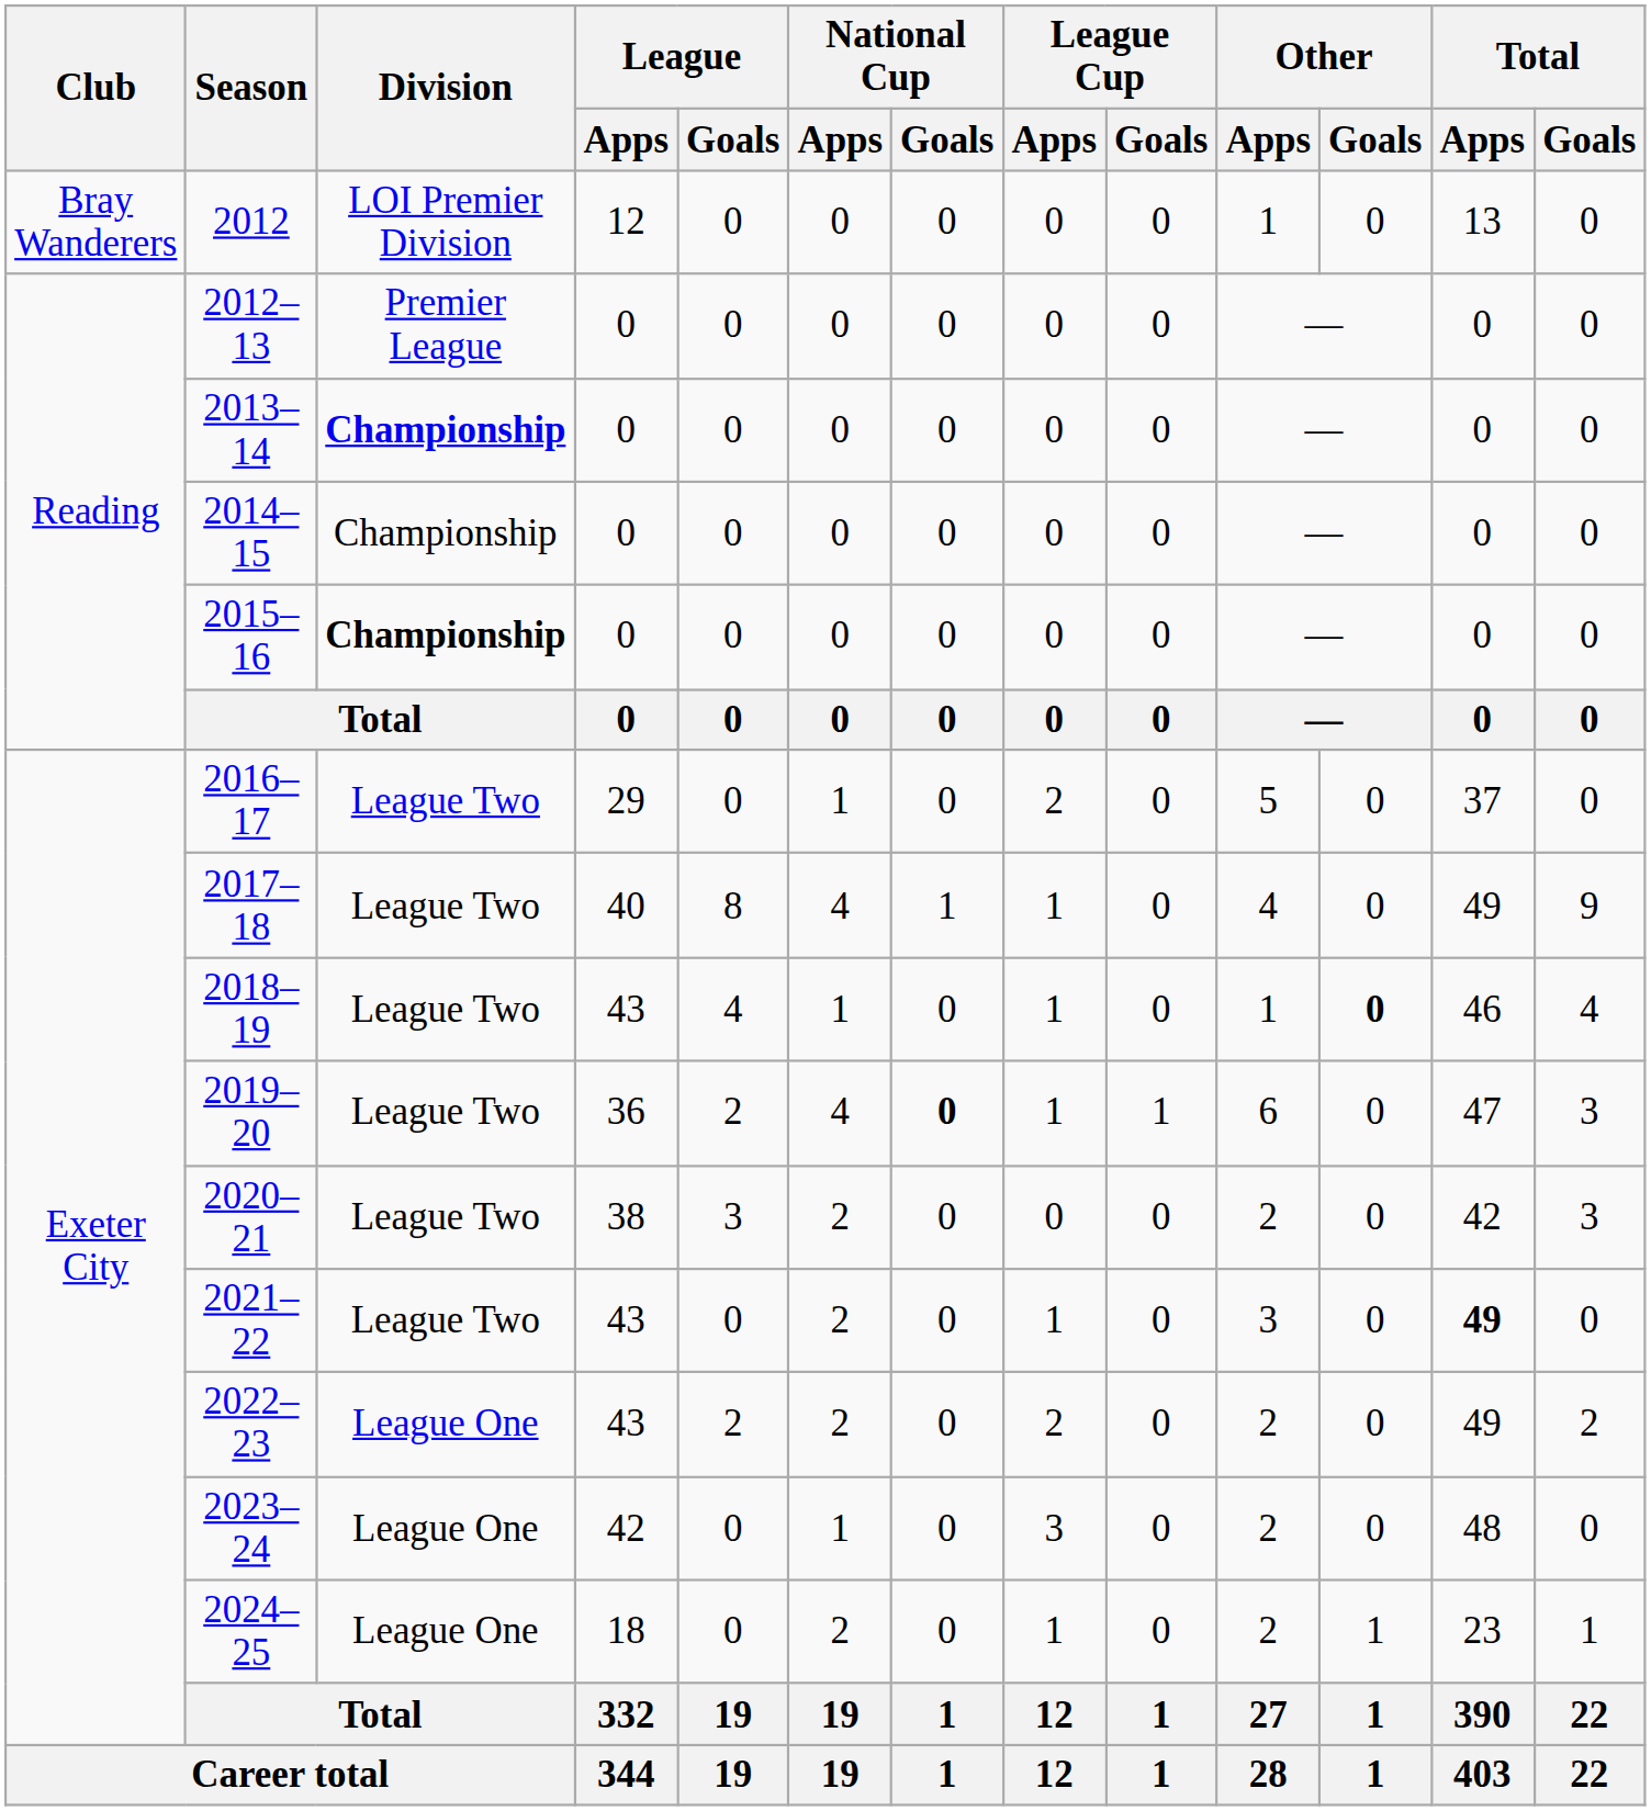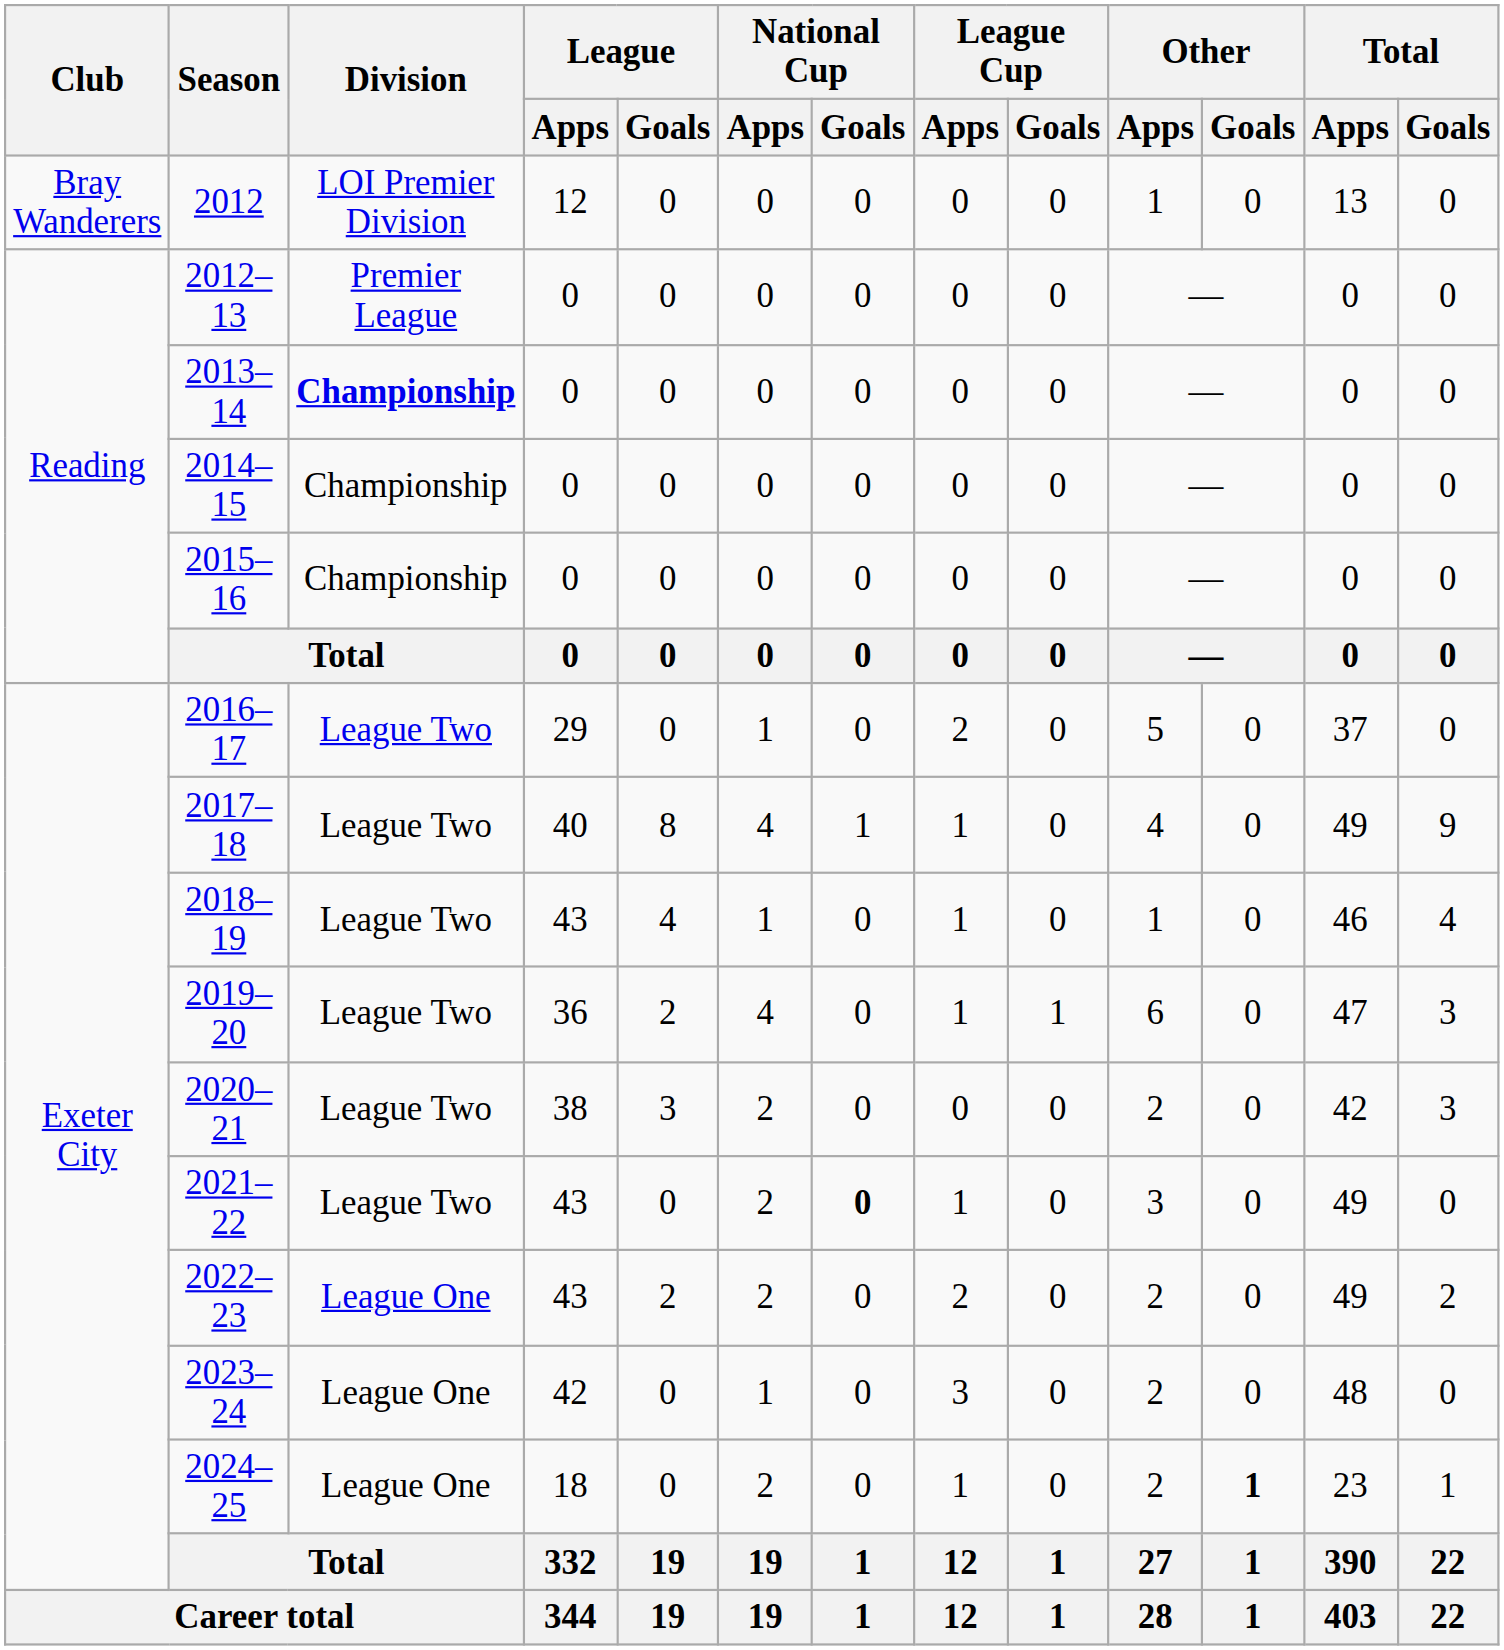 <table class=wikitable style=text-align:center>
 <tr>
 <th rowspan=2>Club</th>
 <th rowspan=2>Season</th>
 <th rowspan=2>Division</th>
 <th colspan=2>League</th>
 <th colspan=2>National Cup</th>
 <th colspan=2>League Cup</th>
 <th colspan=2>Other</th>
 <th colspan=2>Total</th>
 </tr>
 <tr>
 <th>Apps</th>
 <th>Goals</th>
 <th>Apps</th>
 <th>Goals</th>
 <th>Apps</th>
 <th>Goals</th>
 <th>Apps</th>
 <th>Goals</th>
 <th>Apps</th>
 <th>Goals</th>
 </tr>
 <tr>
 <td><a href='#'>Bray Wanderers</a></td>
 <td><a href='#'>2012</a></td>
 <td><a href='#'>LOI Premier Division</a></td>
 <td>12</td>
 <td>0</td>
 <td>0</td>
 <td>0</td>
 <td>0</td>
 <td>0</td>
 <td>1</td>
 <td>0</td>
 <td>13</td>
 <td>0</td>
 </tr>
 <tr>
 <td rowspan=5><a href='#'>Reading</a></td>
 <td><a href='#'>2012–13</a></td>
 <td><a href='#'>Premier League</a></td>
 <td>0</td>
 <td>0</td>
 <td>0</td>
 <td>0</td>
 <td>0</td>
 <td>0</td>
 <td colspan=2>—</td>
 <td>0</td>
 <td>0</td>
 </tr>
 <tr>
 <td><a href='#'>2013–14</a></td>
 <td><strong><a href='#'>Championship</a></strong></td>
 <td>0</td>
 <td>0</td>
 <td>0</td>
 <td>0</td>
 <td>0</td>
 <td>0</td>
 <td colspan=2>—</td>
 <td>0</td>
 <td>0</td>
 </tr>
 <tr>
 <td><a href='#'>2014–15</a></td>
 <td>Championship</td>
 <td>0</td>
 <td>0</td>
 <td>0</td>
 <td>0</td>
 <td>0</td>
 <td>0</td>
 <td colspan=2>—</td>
 <td>0</td>
 <td>0</td>
 </tr>
 <tr>
 <td><a href='#'>2015–16</a></td>
-<td><strong>Championship</strong></td>
+<td>Championship</td>
 <td>0</td>
 <td>0</td>
 <td>0</td>
 <td>0</td>
 <td>0</td>
 <td>0</td>
 <td colspan=2>—</td>
 <td>0</td>
 <td>0</td>
 </tr>
 <tr>
 <th colspan=2>Total</th>
 <th>0</th>
 <th>0</th>
 <th>0</th>
 <th>0</th>
 <th>0</th>
 <th>0</th>
 <th colspan=2>—</th>
 <th>0</th>
 <th>0</th>
 </tr>
 <tr>
 <td rowspan=10><a href='#'>Exeter City</a></td>
 <td><a href='#'>2016–17</a></td>
 <td><a href='#'>League Two</a></td>
 <td>29</td>
 <td>0</td>
 <td>1</td>
 <td>0</td>
 <td>2</td>
 <td>0</td>
 <td>5</td>
 <td>0</td>
 <td>37</td>
 <td>0</td>
 </tr>
 <tr>
 <td><a href='#'>2017–18</a></td>
 <td>League Two</td>
 <td>40</td>
 <td>8</td>
 <td>4</td>
 <td>1</td>
 <td>1</td>
 <td>0</td>
 <td>4</td>
 <td>0</td>
 <td>49</td>
 <td>9</td>
 </tr>
 <tr>
 <td><a href='#'>2018–19</a></td>
 <td>League Two</td>
 <td>43</td>
 <td>4</td>
 <td>1</td>
 <td>0</td>
 <td>1</td>
 <td>0</td>
 <td>1</td>
-<td><strong>0</strong></td>
+<td>0</td>
 <td>46</td>
 <td>4</td>
 </tr>
 <tr>
 <td><a href='#'>2019–20</a></td>
 <td>League Two</td>
 <td>36</td>
 <td>2</td>
 <td>4</td>
-<td><strong>0</strong></td>
+<td>0</td>
 <td>1</td>
 <td>1</td>
 <td>6</td>
 <td>0</td>
 <td>47</td>
 <td>3</td>
 </tr>
 <tr>
 <td><a href='#'>2020–21</a></td>
 <td>League Two</td>
 <td>38</td>
 <td>3</td>
 <td>2</td>
 <td>0</td>
 <td>0</td>
 <td>0</td>
 <td>2</td>
 <td>0</td>
 <td>42</td>
 <td>3</td>
 </tr>
 <tr>
 <td><a href='#'>2021–22</a></td>
 <td>League Two</td>
 <td>43</td>
 <td>0</td>
 <td>2</td>
-<td>0</td>
+<td><strong>0</strong></td>
 <td>1</td>
 <td>0</td>
 <td>3</td>
 <td>0</td>
-<td><strong>49</strong></td>
+<td>49</td>
 <td>0</td>
 </tr>
 <tr>
 <td><a href='#'>2022–23</a></td>
 <td><a href='#'>League One</a></td>
 <td>43</td>
 <td>2</td>
 <td>2</td>
 <td>0</td>
 <td>2</td>
 <td>0</td>
 <td>2</td>
 <td>0</td>
 <td>49</td>
 <td>2</td>
 </tr>
 <tr>
 <td><a href='#'>2023–24</a></td>
 <td>League One</td>
 <td>42</td>
 <td>0</td>
 <td>1</td>
 <td>0</td>
 <td>3</td>
 <td>0</td>
 <td>2</td>
 <td>0</td>
 <td>48</td>
 <td>0</td>
 </tr>
 <tr>
 <td><a href='#'>2024–25</a></td>
 <td>League One</td>
 <td>18</td>
 <td>0</td>
 <td>2</td>
 <td>0</td>
 <td>1</td>
 <td>0</td>
 <td>2</td>
-<td>1</td>
+<td><strong>1</strong></td>
 <td>23</td>
 <td>1</td>
 </tr>
 <tr>
 <th colspan=2>Total</th>
 <th>332</th>
 <th>19</th>
 <th>19</th>
 <th>1</th>
 <th>12</th>
 <th>1</th>
 <th>27</th>
 <th>1</th>
 <th>390</th>
 <th>22</th>
 </tr>
 <tr>
 <th colspan=3>Career total</th>
 <th>344</th>
 <th>19</th>
 <th>19</th>
 <th>1</th>
 <th>12</th>
 <th>1</th>
 <th>28</th>
 <th>1</th>
 <th>403</th>
 <th>22</th>
 </tr>
 </table>
